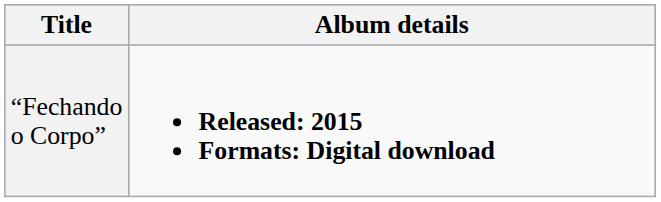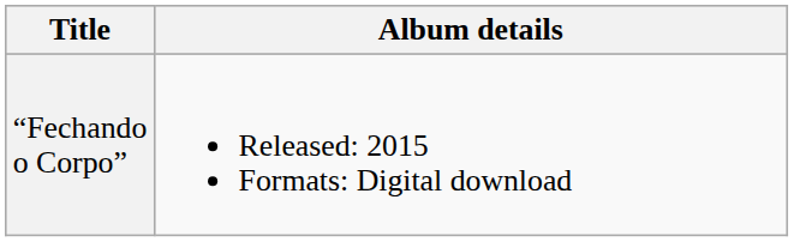 <table class="wikitable plainrowheaders">
 <tr>
 <th rowspan="1" style="width:3em;">Title</th>
 <th rowspan="1" style="width:20em;">Album details</th>
 </tr>
 <tr>
 <td scope="row" style="background-color: #f2f2f2;">“Fechando o Corpo”</td>
-<td><strong><br><ul><li>Released: 2015</li><li>Formats: Digital download</li></ul></strong></td>
+<td><br><ul><li>Released: 2015</li><li>Formats: Digital download</li></ul></td>
 </tr>
 </table>
